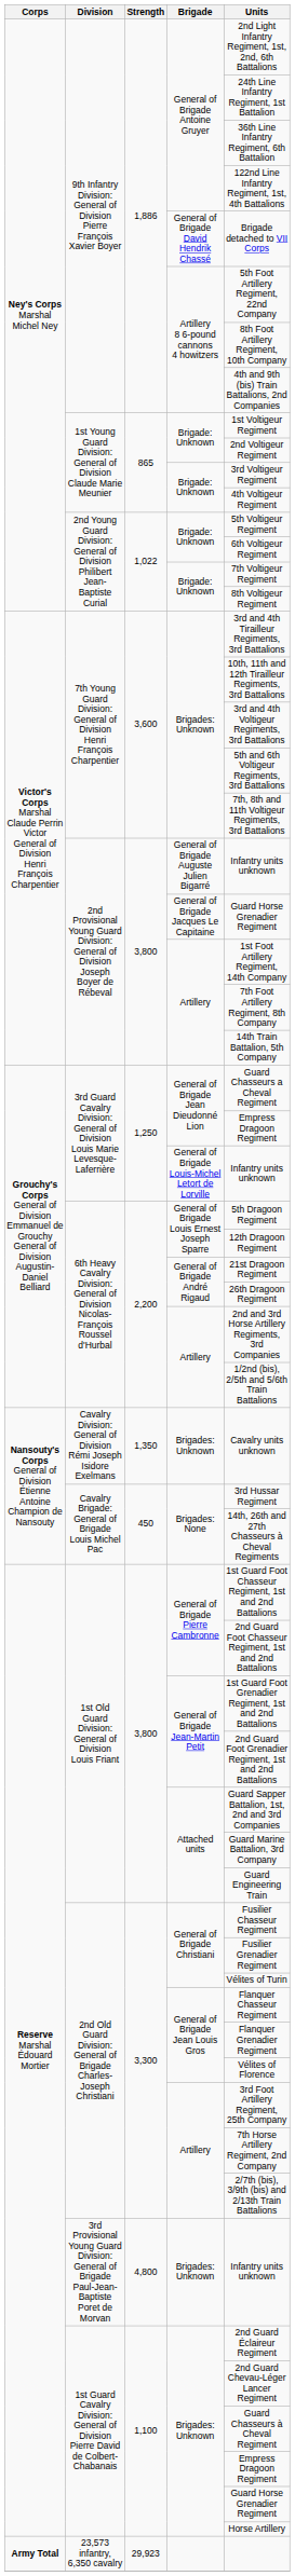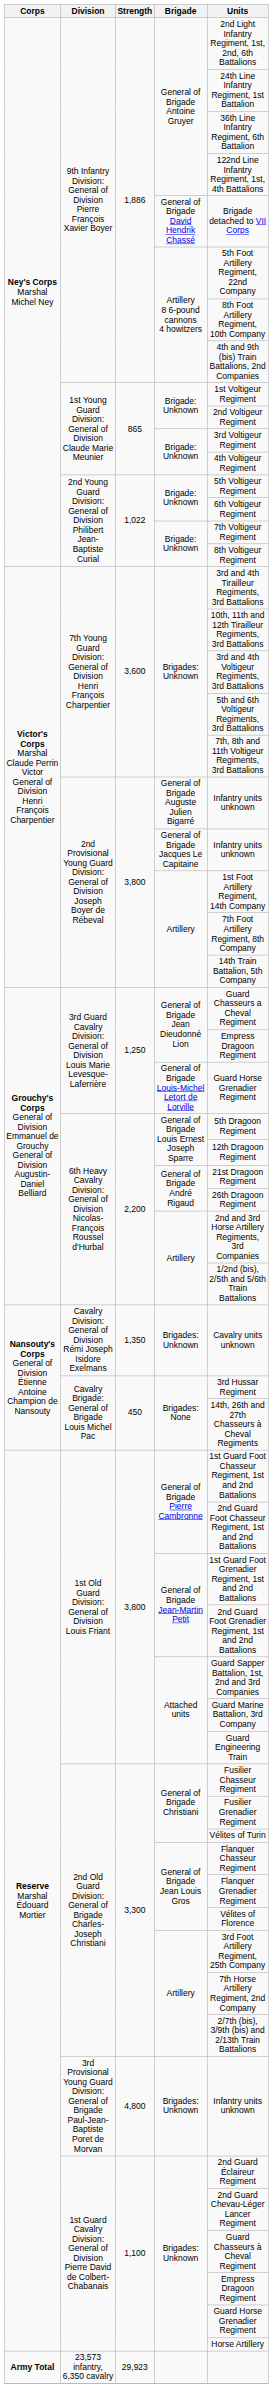 <table class="wikitable collapsible collapsed" style="text-align:center; width:80%;">
 <tr>
 <th>Corps</th>
 <th>Division</th>
 <th>Strength</th>
 <th>Brigade</th>
 <th>Units</th>
 </tr>
 <tr mkj>
 <td ROWSPAN=16><strong>Ney's Corps</strong><br>Marshal Michel Ney</td>
 <td ROWSPAN=8>9th Infantry Division:<br>General of Division<br>Pierre François Xavier Boyer</td>
 <td ROWSPAN=8>1,886</td>
 <td ROWSPAN=4>General of Brigade<br>Antoine Gruyer</td>
 <td>2nd Light Infantry Regiment, 1st, 2nd, 6th Battalions</td>
 </tr>
 <tr>
 <td>24th Line Infantry Regiment, 1st Battalion</td>
 </tr>
 <tr>
 <td>36th Line Infantry Regiment, 6th Battalion</td>
 </tr>
 <tr>
 <td>122nd Line Infantry Regiment, 1st, 4th Battalions</td>
 </tr>
 <tr>
 <td ROWSPAN=1>General of Brigade<br><a href='#'>David Hendrik Chassé</a></td>
 <td>Brigade detached to <a href='#'>VII Corps</a></td>
 </tr>
 <tr>
 <td ROWSPAN=3>Artillery<br>8 6-pound cannons<br>4 howitzers</td>
 <td>5th Foot Artillery Regiment, 22nd Company</td>
 </tr>
 <tr>
 <td>8th Foot Artillery Regiment, 10th Company</td>
 </tr>
 <tr>
 <td>4th and 9th (bis) Train Battalions, 2nd Companies</td>
 </tr>
 <tr>
 <td ROWSPAN=4>1st Young Guard Division:<br>General of Division<br>Claude Marie Meunier</td>
 <td ROWSPAN=4>865</td>
 <td ROWSPAN=2>Brigade: Unknown</td>
 <td>1st Voltigeur Regiment</td>
 </tr>
 <tr>
 <td>2nd Voltigeur Regiment</td>
 </tr>
 <tr>
 <td ROWSPAN=2>Brigade: Unknown</td>
 <td>3rd Voltigeur Regiment</td>
 </tr>
 <tr>
 <td>4th Voltigeur Regiment</td>
 </tr>
 <tr>
 <td ROWSPAN=4>2nd Young Guard Division:<br>General of Division<br>Philibert Jean-Baptiste Curial</td>
 <td ROWSPAN=4>1,022</td>
 <td ROWSPAN=2>Brigade: Unknown</td>
 <td>5th Voltigeur Regiment</td>
 </tr>
 <tr>
 <td>6th Voltigeur Regiment</td>
 </tr>
 <tr>
 <td ROWSPAN=2>Brigade: Unknown</td>
 <td>7th Voltigeur Regiment</td>
 </tr>
 <tr>
 <td>8th Voltigeur Regiment</td>
 </tr>
 <tr>
 <td ROWSPAN=10><strong>Victor's Corps</strong><br>Marshal Claude Perrin Victor<br>General of Division<br>Henri François Charpentier</td>
 <td ROWSPAN=5>7th Young Guard Division:<br>General of Division<br>Henri François Charpentier</td>
 <td ROWSPAN=5>3,600</td>
 <td ROWSPAN=5>Brigades: Unknown</td>
 <td>3rd and 4th Tirailleur Regiments, 3rd Battalions</td>
 </tr>
 <tr>
 <td>10th, 11th and 12th Tirailleur Regiments, 3rd Battalions</td>
 </tr>
 <tr>
 <td>3rd and 4th Voltigeur Regiments, 3rd Battalions</td>
 </tr>
 <tr>
 <td>5th and 6th Voltigeur Regiments, 3rd Battalions</td>
 </tr>
 <tr>
 <td>7th, 8th and 11th Voltigeur Regiments, 3rd Battalions</td>
 </tr>
 <tr>
 <td ROWSPAN=5>2nd Provisional Young Guard Division:<br>General of Division<br>Joseph Boyer de Rébeval</td>
 <td ROWSPAN=5>3,800</td>
 <td ROWSPAN=1>General of Brigade<br>Auguste Julien Bigarré</td>
 <td>Infantry units unknown</td>
 </tr>
 <tr>
 <td ROWSPAN=1>General of Brigade<br>Jacques Le Capitaine</td>
-<td>Guard Horse Grenadier Regiment</td>
+<td>Infantry units unknown</td>
 </tr>
 <tr>
 <td ROWSPAN=3>Artillery</td>
 <td>1st Foot Artillery Regiment, 14th Company</td>
 </tr>
 <tr>
 <td>7th Foot Artillery Regiment, 8th Company</td>
 </tr>
 <tr>
 <td>14th Train Battalion, 5th Company</td>
 </tr>
 <tr>
 <td ROWSPAN=9><strong>Grouchy's Corps</strong><br>General of Division<br>Emmanuel de Grouchy<br>General of Division<br>Augustin-Daniel Belliard</td>
 <td ROWSPAN=3>3rd Guard Cavalry Division:<br>General of Division<br>Louis Marie Levesque-Laferrière</td>
 <td ROWSPAN=3>1,250</td>
 <td ROWSPAN=2>General of Brigade<br>Jean Dieudonné Lion</td>
 <td>Guard Chasseurs a Cheval Regiment</td>
 </tr>
 <tr>
 <td>Empress Dragoon Regiment</td>
 </tr>
 <tr>
 <td ROWSPAN=1>General of Brigade<br><a href='#'>Louis-Michel Letort de Lorville</a></td>
-<td>Infantry units unknown</td>
+<td>Guard Horse Grenadier Regiment</td>
 </tr>
 <tr>
 <td ROWSPAN=6>6th Heavy Cavalry Division:<br>General of Division<br>Nicolas-François Roussel d'Hurbal</td>
 <td ROWSPAN=6>2,200</td>
 <td ROWSPAN=2>General of Brigade<br>Louis Ernest Joseph Sparre</td>
 <td>5th Dragoon Regiment</td>
 </tr>
 <tr>
 <td>12th Dragoon Regiment</td>
 </tr>
 <tr>
 <td ROWSPAN=2>General of Brigade<br>André Rigaud</td>
 <td>21st Dragoon Regiment</td>
 </tr>
 <tr>
 <td>26th Dragoon Regiment</td>
 </tr>
 <tr>
 <td ROWSPAN=2>Artillery</td>
 <td>2nd and 3rd Horse Artillery Regiments, 3rd Companies</td>
 </tr>
 <tr>
 <td>1/2nd (bis), 2/5th and 5/6th Train Battalions</td>
 </tr>
 <tr>
 <td ROWSPAN=3><strong>Nansouty's Corps</strong><br>General of Division<br>Étienne Antoine Champion de Nansouty</td>
 <td ROWSPAN=1>Cavalry Division:<br>General of Division<br>Rémi Joseph Isidore Exelmans</td>
 <td ROWSPAN=1>1,350</td>
 <td ROWSPAN=1>Brigades: Unknown</td>
 <td>Cavalry units unknown</td>
 </tr>
 <tr>
 <td ROWSPAN=2>Cavalry Brigade:<br>General of Brigade<br>Louis Michel Pac</td>
 <td ROWSPAN=2>450</td>
 <td ROWSPAN=2>Brigades: None</td>
 <td>3rd Hussar Regiment</td>
 </tr>
 <tr>
 <td>14th, 26th and 27th Chasseurs à Cheval Regiments</td>
 </tr>
 <tr>
 <td ROWSPAN=23><strong>Reserve</strong><br>Marshal Édouard Mortier</td>
 <td ROWSPAN=7>1st Old Guard Division:<br>General of Division<br>Louis Friant</td>
 <td ROWSPAN=7>3,800</td>
 <td ROWSPAN=2>General of Brigade<br><a href='#'>Pierre Cambronne</a></td>
 <td>1st Guard Foot Chasseur Regiment, 1st and 2nd Battalions</td>
 </tr>
 <tr>
 <td>2nd Guard Foot Chasseur Regiment, 1st and 2nd Battalions</td>
 </tr>
 <tr>
 <td ROWSPAN=2>General of Brigade<br><a href='#'>Jean-Martin Petit</a></td>
 <td>1st Guard Foot Grenadier Regiment, 1st and 2nd Battalions</td>
 </tr>
 <tr>
 <td>2nd Guard Foot Grenadier Regiment, 1st and 2nd Battalions</td>
 </tr>
 <tr>
 <td ROWSPAN=3>Attached units</td>
 <td>Guard Sapper Battalion, 1st, 2nd and 3rd Companies</td>
 </tr>
 <tr>
 <td>Guard Marine Battalion, 3rd Company</td>
 </tr>
 <tr>
 <td>Guard Engineering Train</td>
 </tr>
 <tr>
 <td ROWSPAN=9>2nd Old Guard Division:<br>General of Brigade<br>Charles-Joseph Christiani</td>
 <td ROWSPAN=9>3,300</td>
 <td ROWSPAN=3>General of Brigade<br>Christiani</td>
 <td>Fusilier Chasseur Regiment</td>
 </tr>
 <tr>
 <td>Fusilier Grenadier Regiment</td>
 </tr>
 <tr>
 <td>Vélites of Turin</td>
 </tr>
 <tr>
 <td ROWSPAN=3>General of Brigade<br>Jean Louis Gros</td>
 <td>Flanquer Chasseur Regiment</td>
 </tr>
 <tr>
 <td>Flanquer Grenadier Regiment</td>
 </tr>
 <tr>
 <td>Vélites of Florence</td>
 </tr>
 <tr>
 <td ROWSPAN=3>Artillery</td>
 <td>3rd Foot Artillery Regiment, 25th Company</td>
 </tr>
 <tr>
 <td>7th Horse Artillery Regiment, 2nd Company</td>
 </tr>
 <tr>
 <td>2/7th (bis), 3/9th (bis) and 2/13th Train Battalions</td>
 </tr>
 <tr>
 <td ROWSPAN=1>3rd Provisional Young Guard Division:<br>General of Brigade<br>Paul-Jean-Baptiste Poret de Morvan</td>
 <td ROWSPAN=1>4,800</td>
 <td ROWSPAN=1>Brigades: Unknown</td>
 <td>Infantry units unknown</td>
 </tr>
 <tr>
 <td ROWSPAN=6>1st Guard Cavalry Division:<br>General of Division<br>Pierre David de Colbert-Chabanais</td>
 <td ROWSPAN=6>1,100</td>
 <td ROWSPAN=6>Brigades: Unknown</td>
 <td>2nd Guard Éclaireur Regiment</td>
 </tr>
 <tr>
 <td>2nd Guard Chevau-Léger Lancer Regiment</td>
 </tr>
 <tr>
 <td>Guard Chasseurs à Cheval Regiment</td>
 </tr>
 <tr>
 <td>Empress Dragoon Regiment</td>
 </tr>
 <tr>
 <td>Guard Horse Grenadier Regiment</td>
 </tr>
 <tr>
 <td>Horse Artillery</td>
 </tr>
 <tr>
 <td ROWSPAN=1><strong>Army Total</strong></td>
 <td ROWSPAN=1>23,573 infantry, 6,350 cavalry</td>
 <td ROWSPAN=1>29,923</td>
 <td ROWSPAN=1></td>
 <td></td>
 </tr>
 <tr>
 </tr>
 </table>
